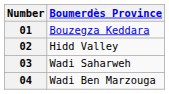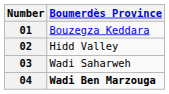 <table class="wikitable">
 <tr>
 <th>Number</th>
 <th><a href='#'>Boumerdès Province</a></th>
 </tr>
 <tr>
 <th>01</th>
 <td><a href='#'>Bouzegza Keddara</a></td>
 </tr>
 <tr>
 <th>02</th>
 <td>Hidd Valley</td>
 </tr>
 <tr>
 <th>03</th>
 <td>Wadi Saharweh</td>
 </tr>
 <tr>
 <th>04</th>
-<td>Wadi Ben Marzouga</td>
+<td><strong>Wadi Ben Marzouga</strong></td>
 </tr>
 </table>
